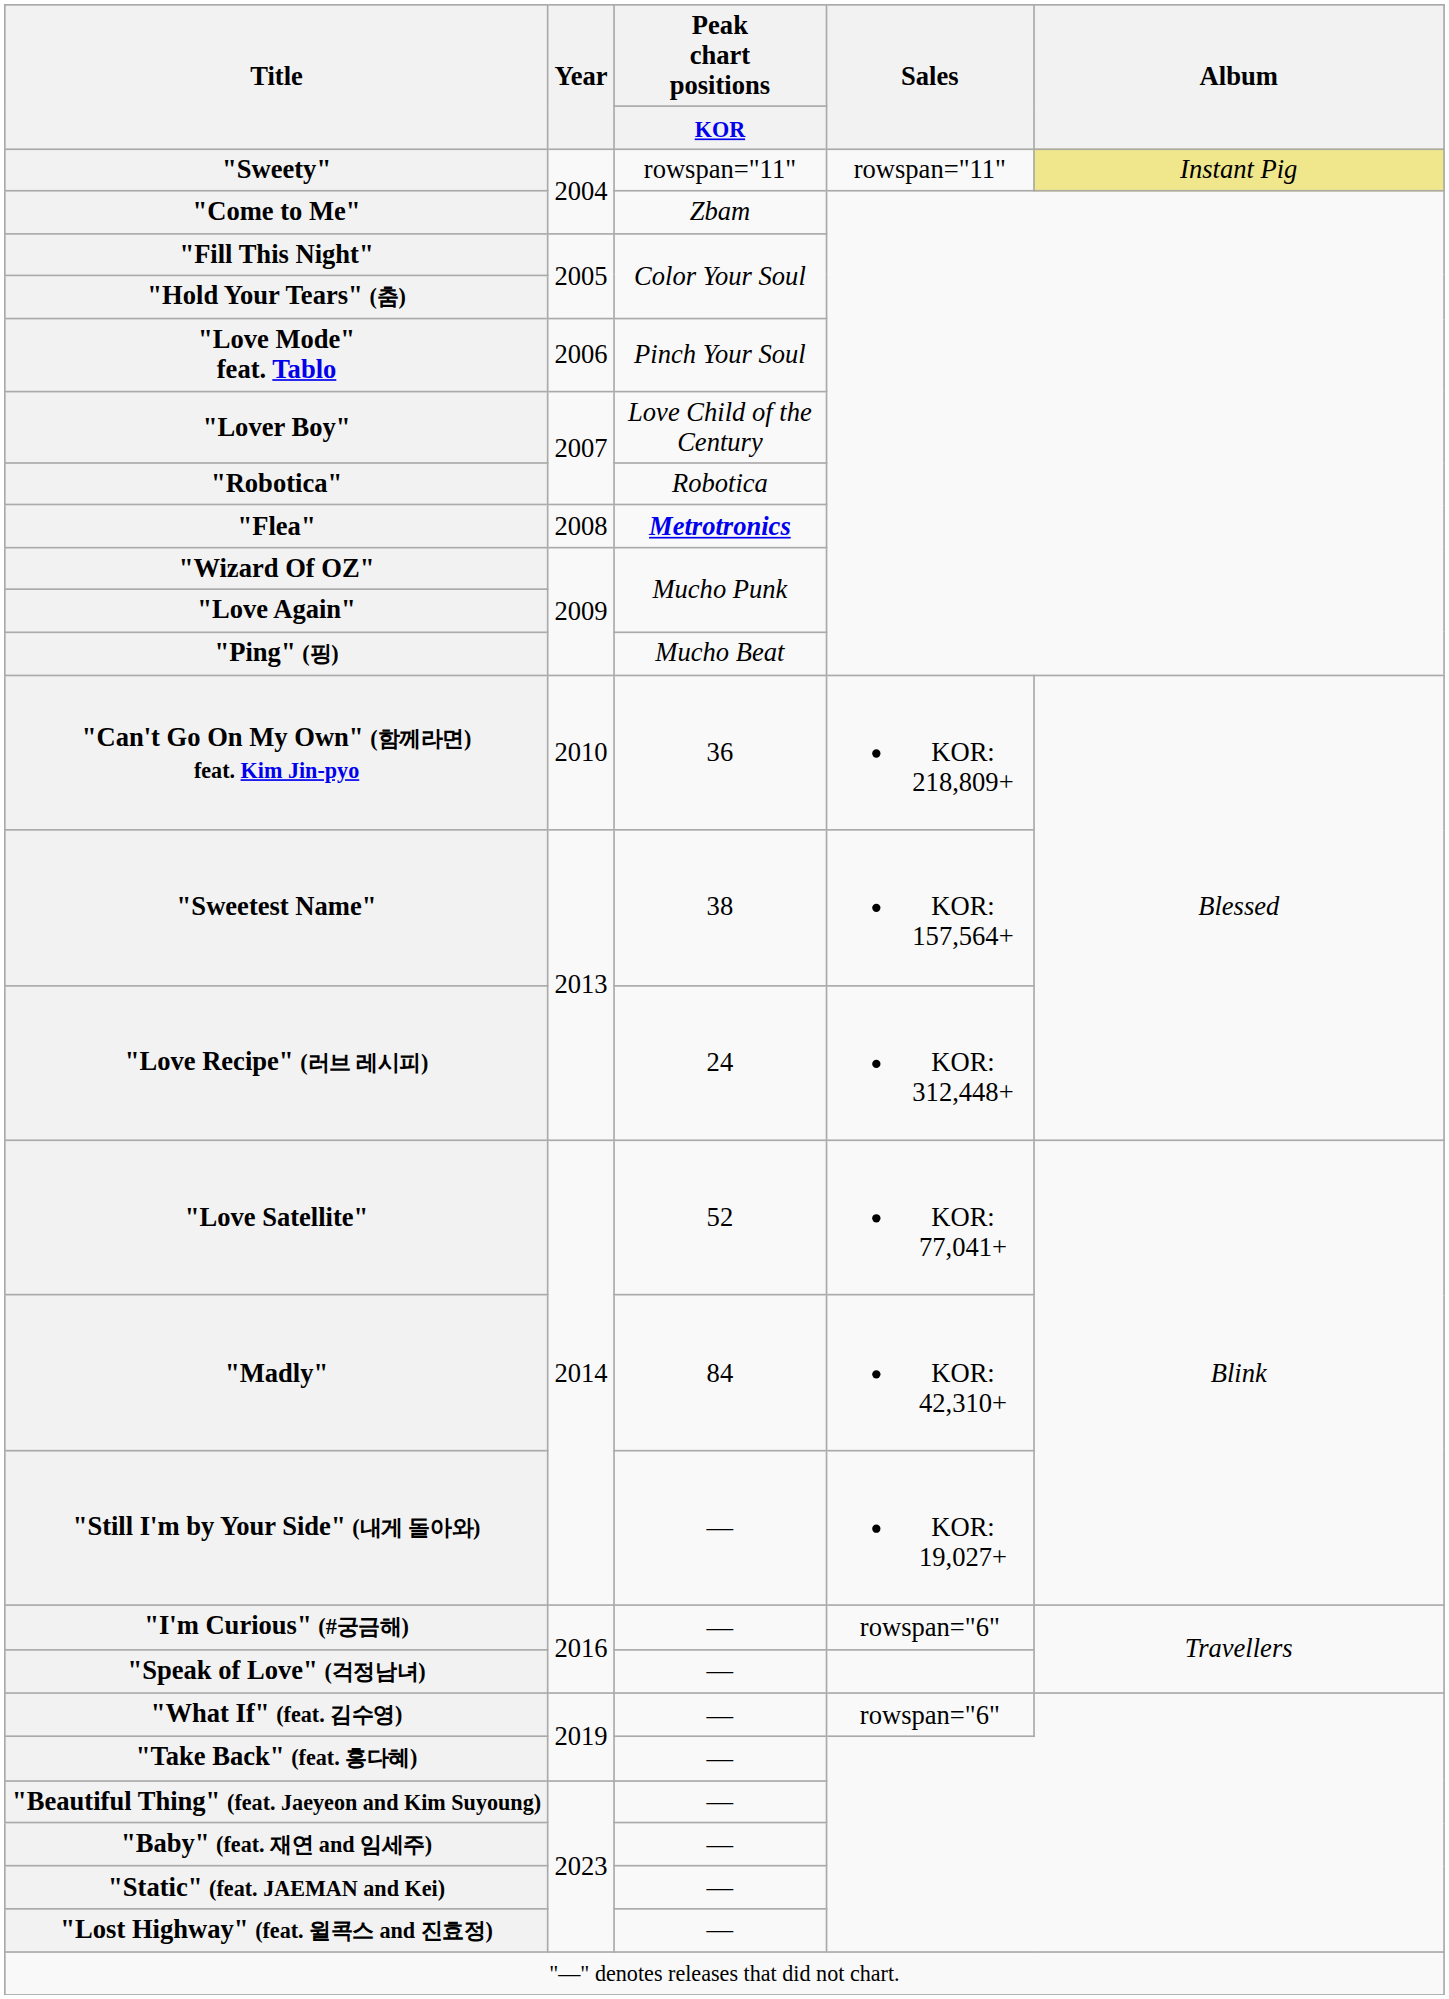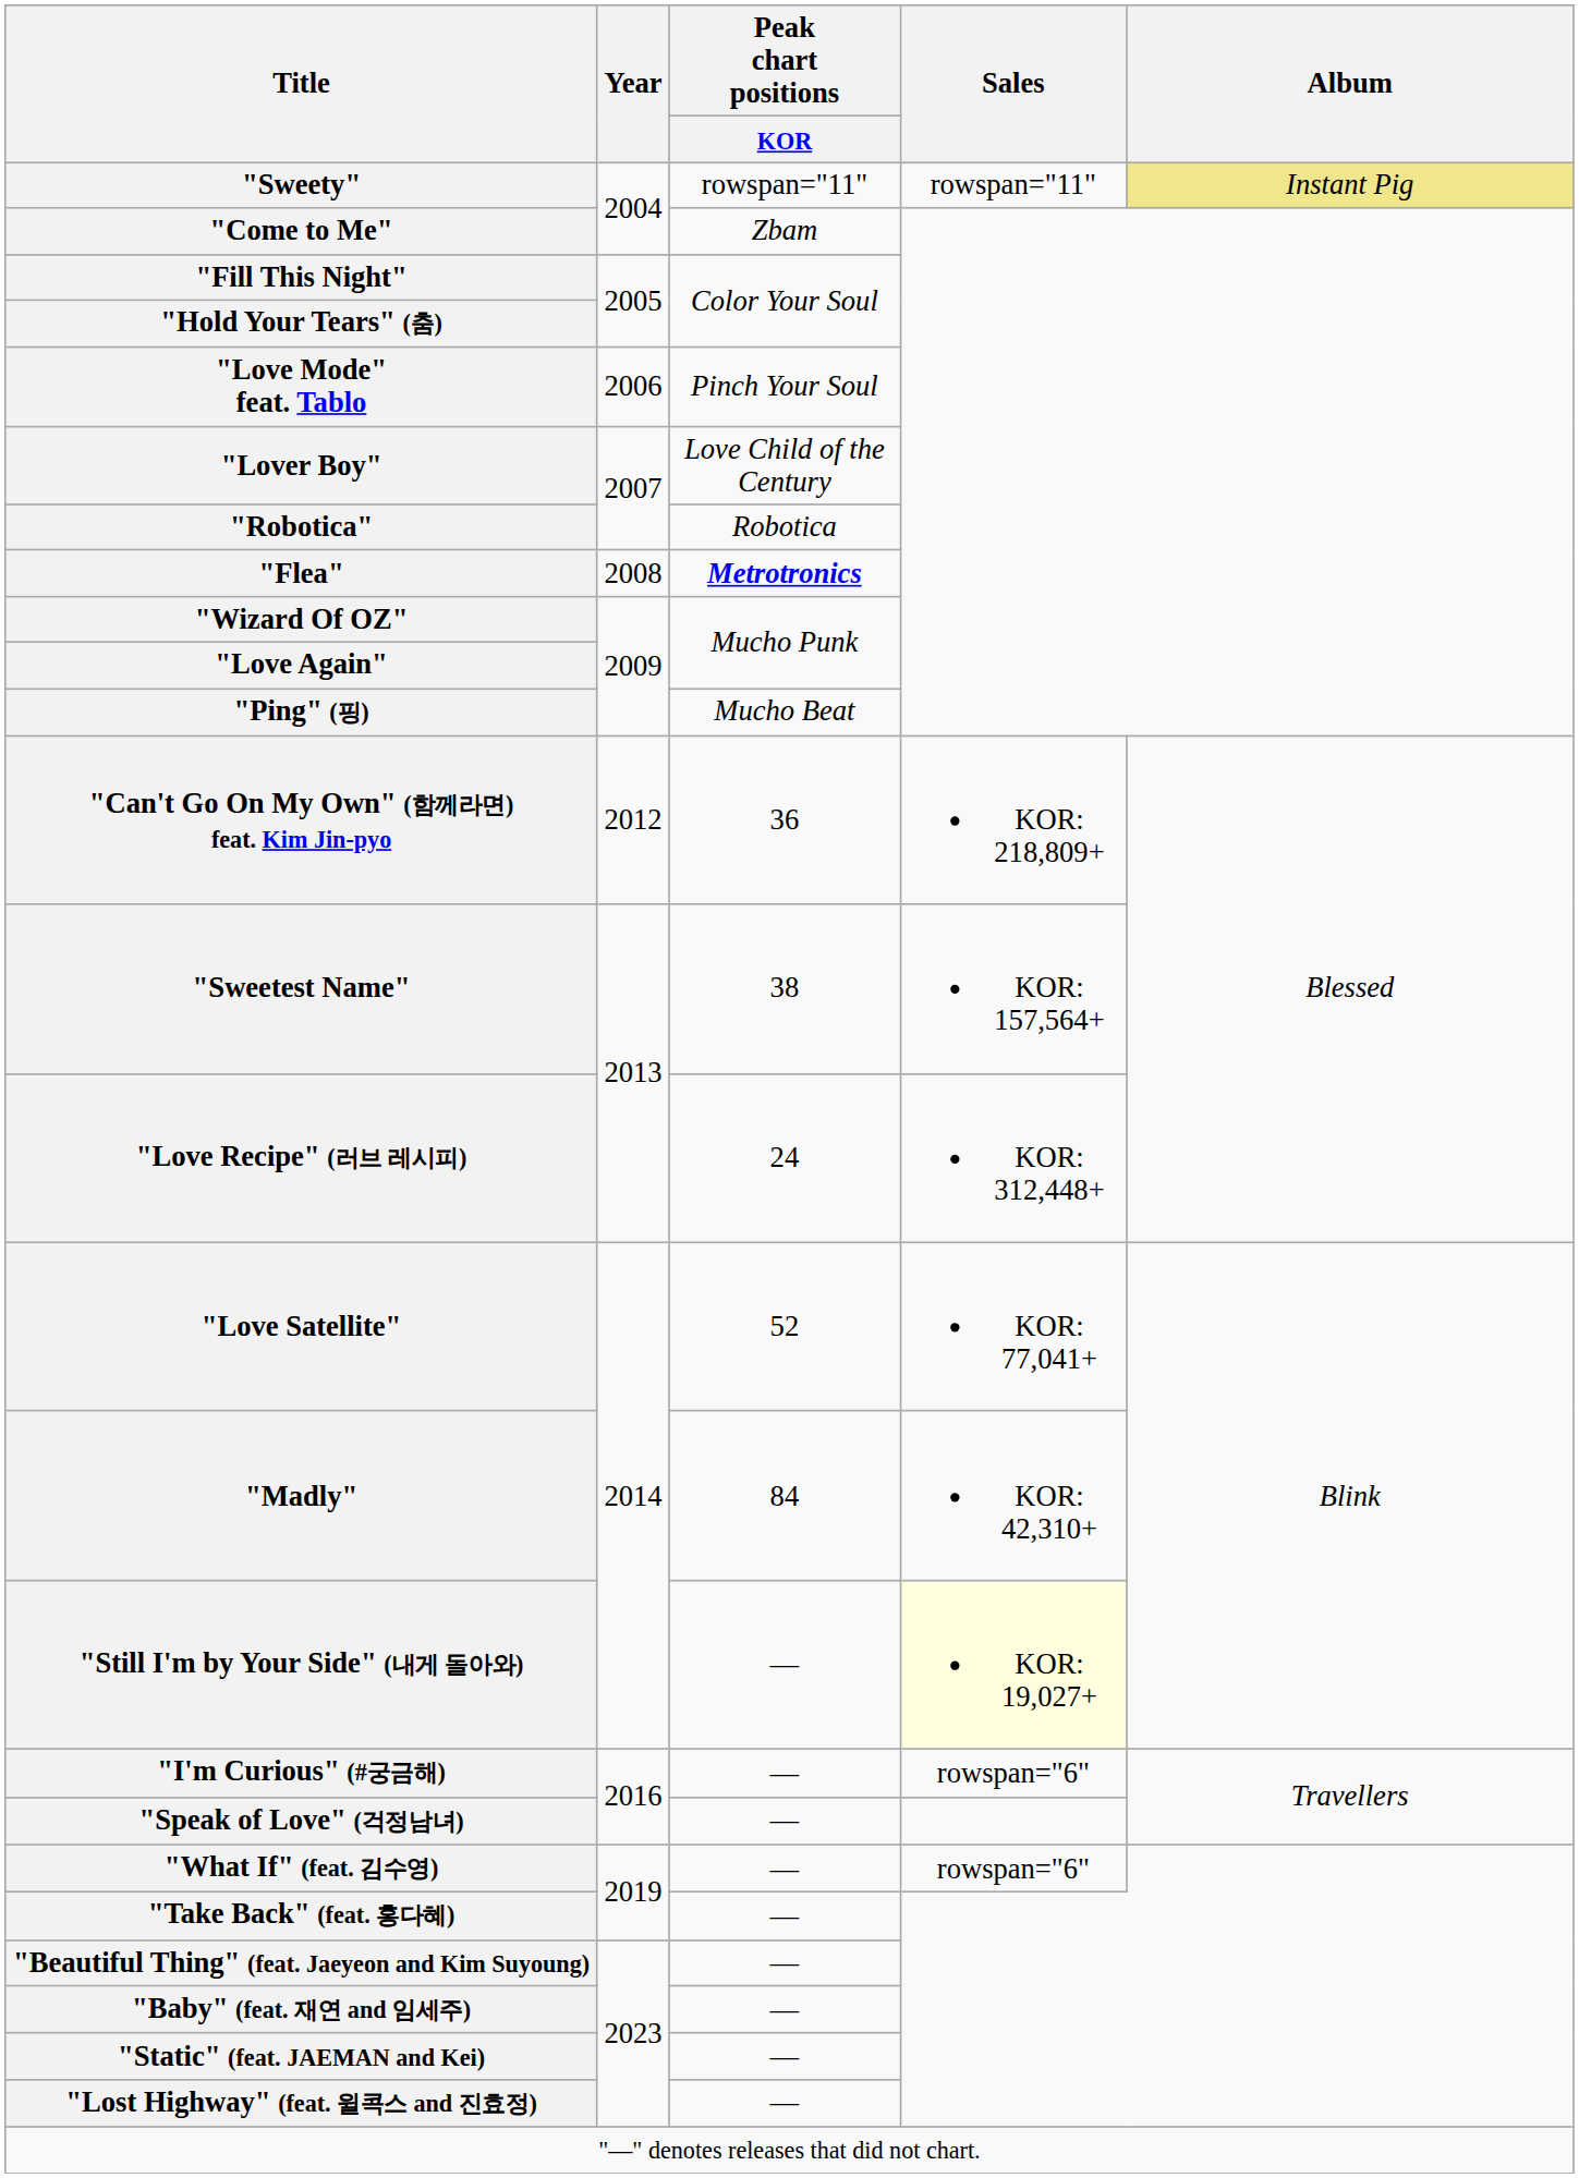 <table class="wikitable plainrowheaders" style="text-align:center;">
 <tr>
 <th scope="col" rowspan="2" style="width:20em;">Title</th>
 <th scope="col" rowspan="2">Year</th>
 <th scope="col" colspan="1">Peak<br>chart<br>positions</th>
 <th scope="col" rowspan="2">Sales</th>
 <th scope="col" rowspan="2" style="width:15em;">Album</th>
 </tr>
 <tr>
 <th><small><a href='#'>KOR</a></small><br></th>
 </tr>
 <tr>
 <th scope="row">"Sweety"</th>
 <td rowspan="2">2004</td>
 <td>rowspan="11" </td>
 <td>rowspan="11" </td>
 <td style="background: khaki;"><em>Instant Pig</em></td>
 </tr>
 <tr>
 <th scope="row">"Come to Me"</th>
 <td><em>Zbam</em></td>
 </tr>
 <tr>
 <th scope="row">"Fill This Night"</th>
 <td rowspan="2">2005</td>
 <td rowspan="2"><em>Color Your Soul</em></td>
 </tr>
 <tr>
 <th scope="row">"Hold Your Tears" <small>(춤)</small></th>
 </tr>
 <tr>
 <th scope="row">"Love Mode"<br>feat. <a href='#'>Tablo</a></th>
 <td>2006</td>
 <td><em>Pinch Your Soul</em></td>
 </tr>
 <tr>
 <th scope="row">"Lover Boy"</th>
 <td rowspan="2">2007</td>
 <td><em>Love Child of the Century</em></td>
 </tr>
 <tr>
 <th scope="row">"Robotica"</th>
 <td><em>Robotica</em></td>
 </tr>
 <tr>
 <th scope="row">"Flea"</th>
 <td>2008</td>
 <td><strong><em><a href='#'>Metrotronics</a></em></strong></td>
 </tr>
 <tr>
 <th scope="row">"Wizard Of OZ"</th>
 <td rowspan="3">2009</td>
 <td rowspan="2"><em>Mucho Punk</em></td>
 </tr>
 <tr>
 <th scope="row">"Love Again"</th>
 </tr>
 <tr>
 <th scope="row">"Ping" <small>(핑)</small></th>
 <td><em>Mucho Beat</em></td>
 </tr>
 <tr>
 <th scope="row">"Can't Go On My Own" <small>(함께라면)</small><br><small>feat. <a href='#'>Kim Jin-pyo</a></small></th>
-<td>2010</td>
+<td>2012</td>
 <td>36</td>
 <td><br><ul><li>KOR: 218,809+</li></ul></td>
 <td rowspan="3"><em>Blessed</em></td>
 </tr>
 <tr>
 <th scope="row">"Sweetest Name"</th>
 <td rowspan="2">2013</td>
 <td>38</td>
 <td><br><ul><li>KOR: 157,564+</li></ul></td>
 </tr>
 <tr>
 <th scope="row">"Love Recipe" <small>(러브 레시피)</small></th>
 <td>24</td>
 <td><br><ul><li>KOR: 312,448+</li></ul></td>
 </tr>
 <tr>
 <th scope="row">"Love Satellite"</th>
 <td rowspan="3">2014</td>
 <td>52</td>
 <td><br><ul><li>KOR: 77,041+</li></ul></td>
 <td rowspan="3"><em>Blink</em></td>
 </tr>
 <tr>
 <th scope="row">"Madly"</th>
 <td>84</td>
 <td><br><ul><li>KOR: 42,310+</li></ul></td>
 </tr>
 <tr>
 <th scope="row">"Still I'm by Your Side" <small>(내게 돌아와)</small></th>
 <td>—</td>
-<td><br><ul><li>KOR: 19,027+</li></ul></td>
+<td style="background: lightyellow;"><br><ul><li>KOR: 19,027+</li></ul></td>
 </tr>
 <tr>
 <th scope="row">"I'm Curious" <small>(#궁금해)</small></th>
 <td rowspan="2">2016</td>
 <td>—</td>
 <td>rowspan="6" </td>
 <td rowspan="2"><em>Travellers</em></td>
 </tr>
 <tr>
 <th scope="row">"Speak of Love" <small>(걱정남녀)</small></th>
 <td>—</td>
 </tr>
 <tr>
 <th scope="row">"What If" <small>(feat. 김수영)</small></th>
 <td rowspan="2">2019</td>
 <td>—</td>
 <td>rowspan="6" </td>
 </tr>
 <tr>
 <th scope="row">"Take Back" <small>(feat. 홍다혜)</small></th>
 <td>—</td>
 </tr>
 <tr>
 <th scope="row">"Beautiful Thing" <small>(feat. Jaeyeon and Kim Suyoung)</small></th>
 <td rowspan="4">2023</td>
 <td>—</td>
 </tr>
 <tr>
 <th scope="row">"Baby" <small>(feat. 재연 and 임세주)</small></th>
 <td>—</td>
 </tr>
 <tr>
 <th scope="row">"Static" <small>(feat. JAEMAN and Kei)</small></th>
 <td>—</td>
 </tr>
 <tr>
 <th scope="row">"Lost Highway" <small>(feat. 윌콕스 and 진효정)</small></th>
 <td>—</td>
 </tr>
 <tr>
 <td colspan="5" align="center"><small>"—" denotes releases that did not chart.</small></td>
 </tr>
 <tr>
 </tr>
 </table>
